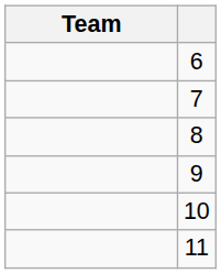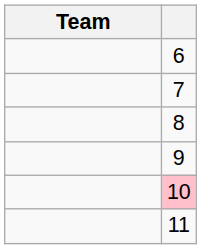 <table class="wikitable" style="white-space:nowrap; display:inline-table; float:left;">
 <tr>
 <th style="width:110px">Team</th>
 <th></th>
 </tr>
 <tr>
 <td></td>
 <td style="text-align:center">6</td>
 </tr>
 <tr>
 <td></td>
 <td style="text-align:center">7</td>
 </tr>
 <tr>
 <td></td>
 <td style="text-align:center">8</td>
 </tr>
 <tr>
 <td></td>
 <td style="text-align:center">9</td>
 </tr>
 <tr>
 <td></td>
-<td style="text-align:center">10</td>
+<td style="background: pink; text-align:center">10</td>
 </tr>
 <tr>
 <td></td>
 <td style="text-align:center">11</td>
 </tr>
 </table>
